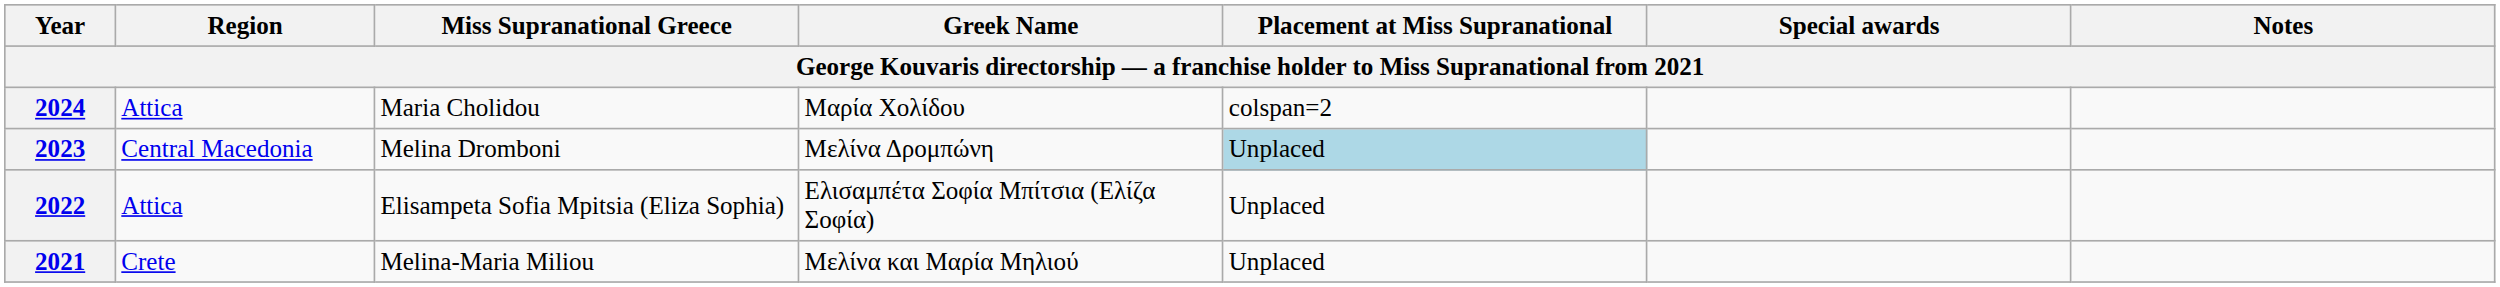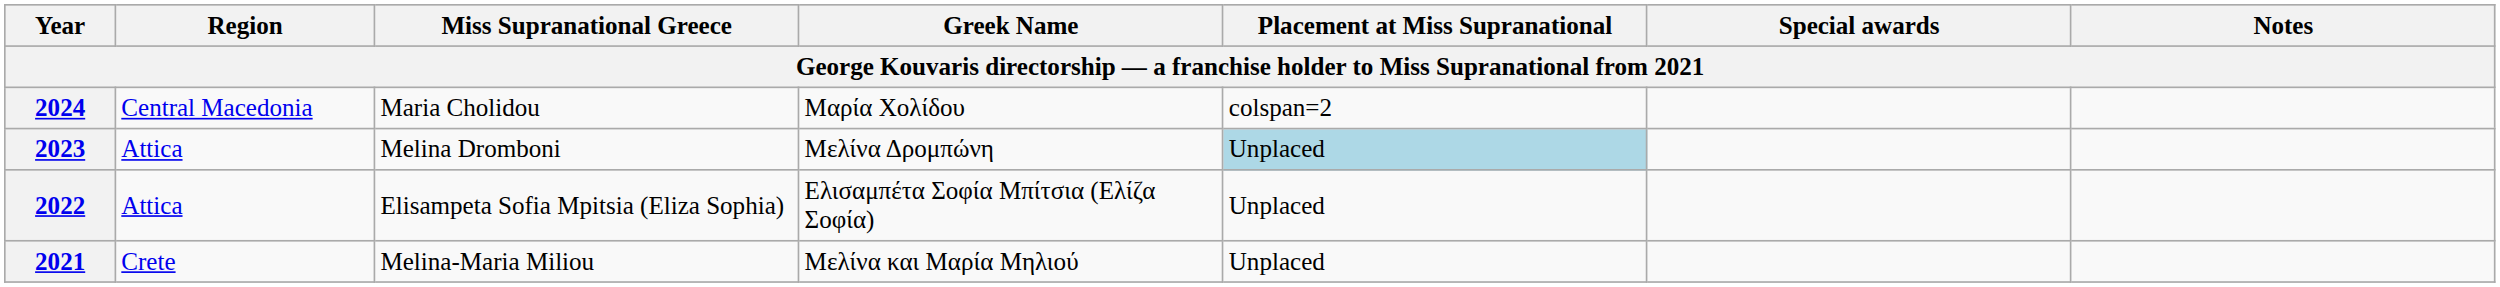 <table class="wikitable " style="font-size: 95%;">
 <tr>
 <th width="60">Year</th>
 <th width="150">Region</th>
 <th width="250">Miss Supranational Greece</th>
 <th width="250">Greek Name</th>
 <th width="250">Placement at Miss Supranational</th>
 <th width="250">Special awards</th>
 <th width="250">Notes</th>
 </tr>
 <tr>
 <th colspan="7">George Kouvaris directorship — a franchise holder to Miss Supranational from 2021</th>
 </tr>
 <tr>
 <th><a href='#'>2024</a></th>
-<td><a href='#'>Attica</a></td>
+<td><a href='#'>Central Macedonia</a></td>
 <td>Maria Cholidou</td>
 <td>Μαρία Χολίδου</td>
 <td>colspan=2 </td>
 <td></td>
 </tr>
 <tr>
 <th><a href='#'>2023</a></th>
-<td><a href='#'>Central Macedonia</a></td>
+<td><a href='#'>Attica</a></td>
 <td>Melina Dromboni</td>
 <td>Μελίνα Δρομπώνη</td>
 <td style="background: lightblue;">Unplaced</td>
 <td></td>
 <td></td>
 </tr>
 <tr>
 <th><a href='#'>2022</a></th>
 <td><a href='#'>Attica</a></td>
 <td>Elisampeta Sofia Mpitsia (Eliza Sophia)</td>
 <td>Ελισαμπέτα Σοφία Μπίτσια (Ελίζα Σοφία)</td>
 <td>Unplaced</td>
 <td></td>
 <td></td>
 </tr>
 <tr>
 <th><a href='#'>2021</a></th>
 <td><a href='#'>Crete</a></td>
 <td>Melina-Maria Miliou</td>
 <td>Μελίνα και Μαρία Μηλιού</td>
 <td>Unplaced</td>
 <td></td>
 <td></td>
 </tr>
 </table>
